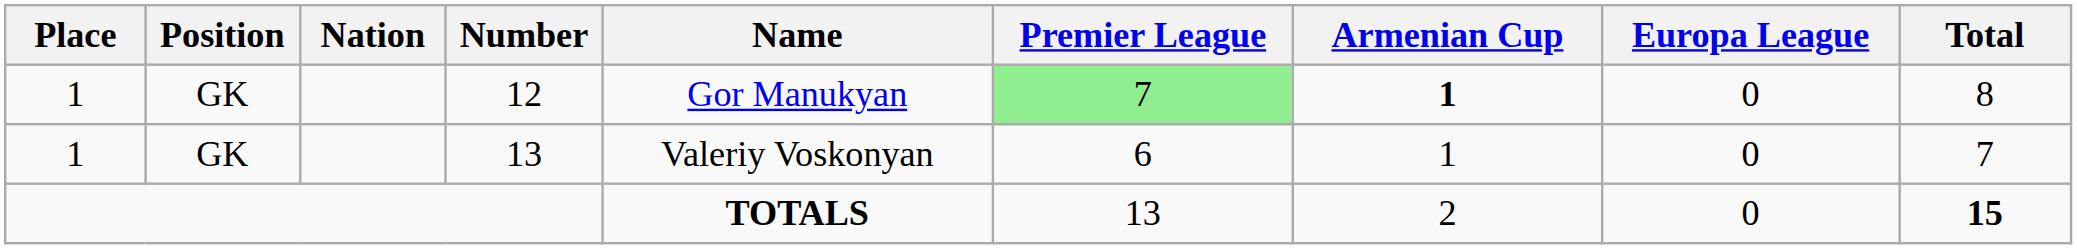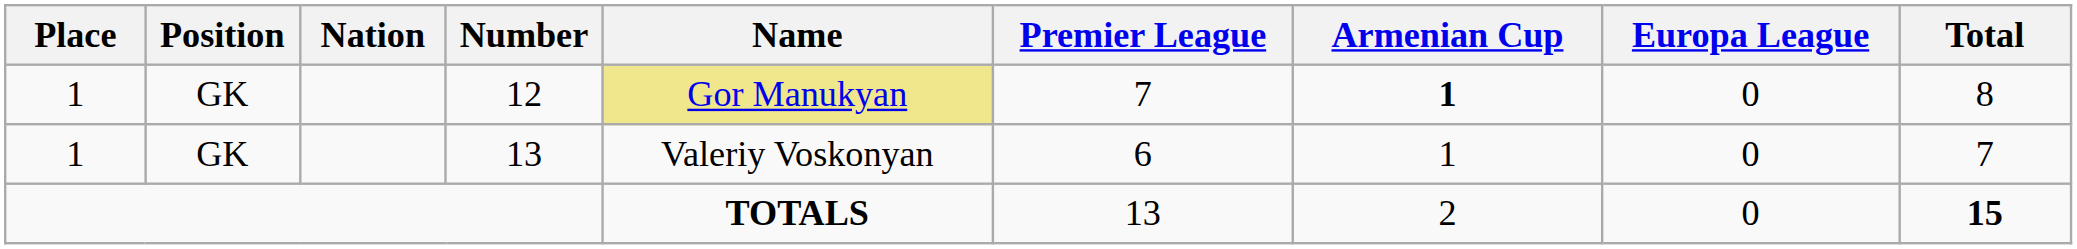 <table class="wikitable" style="font-size: 95%; text-align: center;">
 <tr>
 <th width=60>Place</th>
 <th width=60>Position</th>
 <th width=60>Nation</th>
 <th width=60>Number</th>
 <th width=200>Name</th>
 <th width=150><a href='#'>Premier League</a></th>
 <th width=150><a href='#'>Armenian Cup</a></th>
 <th width=150><a href='#'>Europa League</a></th>
 <th width=80><strong>Total</strong></th>
 </tr>
 <tr>
 <td>1</td>
 <td>GK</td>
 <td></td>
 <td>12</td>
-<td><a href='#'>Gor Manukyan</a></td>
-<td style="background: lightgreen;">7</td>
+<td style="background: khaki;"><a href='#'>Gor Manukyan</a></td>
+<td>7</td>
 <td><strong>1</strong></td>
 <td>0</td>
 <td>8</td>
 </tr>
 <tr>
 <td>1</td>
 <td>GK</td>
 <td></td>
 <td>13</td>
 <td>Valeriy Voskonyan</td>
 <td>6</td>
 <td>1</td>
 <td>0</td>
 <td>7</td>
 </tr>
 <tr>
 <td colspan="4"></td>
 <td><strong>TOTALS</strong></td>
 <td>13</td>
 <td>2</td>
 <td>0</td>
 <td><strong>15</strong></td>
 </tr>
 </table>
